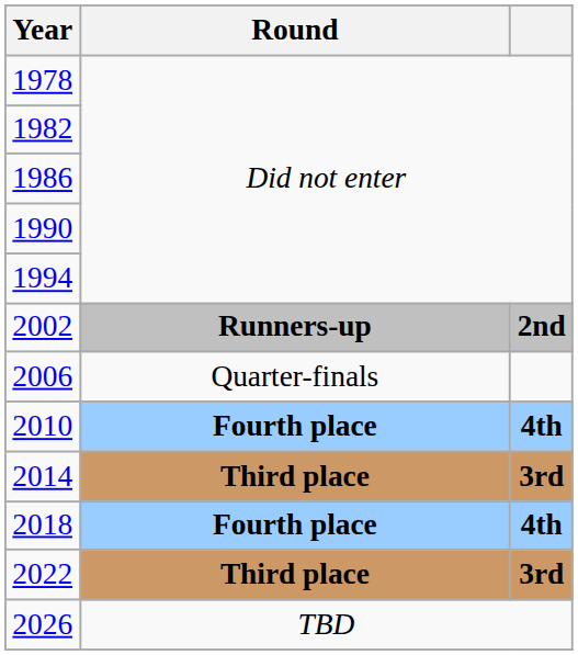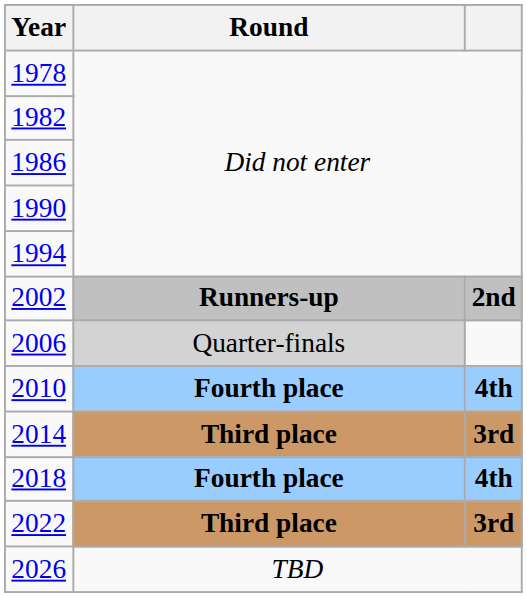 <table class="wikitable" style="text-align: center; font-size:90%">
 <tr>
 <th>Year</th>
 <th style="width:200px">Round</th>
 <th></th>
 </tr>
 <tr>
 <td><a href='#'>1978</a></td>
 <td colspan="2" rowspan="5"><em>Did not enter</em></td>
 </tr>
 <tr>
 <td><a href='#'>1982</a></td>
 </tr>
 <tr>
 <td><a href='#'>1986</a></td>
 </tr>
 <tr>
 <td><a href='#'>1990</a></td>
 </tr>
 <tr>
 <td><a href='#'>1994</a></td>
 </tr>
 <tr>
 <td><a href='#'>2002</a></td>
 <td bgcolor=Silver><strong>Runners-up</strong></td>
 <td bgcolor=Silver><strong>2nd</strong></td>
 </tr>
 <tr>
 <td><a href='#'>2006</a></td>
-<td>Quarter-finals</td>
+<td style="background: lightgrey;">Quarter-finals</td>
 <td></td>
 </tr>
 <tr>
 <td><a href='#'>2010</a></td>
 <td bgcolor="9acdff"><strong>Fourth place</strong></td>
 <td bgcolor="9acdff"><strong>4th</strong></td>
 </tr>
 <tr>
 <td><a href='#'>2014</a></td>
 <td bgcolor="cc9966"><strong>Third place</strong></td>
 <td bgcolor="cc9966"><strong>3rd</strong></td>
 </tr>
 <tr>
 <td><a href='#'>2018</a></td>
 <td bgcolor="9acdff"><strong>Fourth place</strong></td>
 <td bgcolor="9acdff"><strong>4th</strong></td>
 </tr>
 <tr>
 <td><a href='#'>2022</a></td>
 <td bgcolor="cc9966"><strong>Third place</strong></td>
 <td bgcolor="cc9966"><strong>3rd</strong></td>
 </tr>
 <tr>
 <td><a href='#'>2026</a></td>
 <td colspan="2"><em>TBD</em></td>
 </tr>
 </table>
